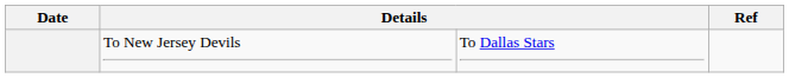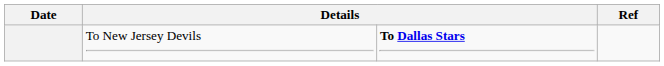 <table class="wikitable plainrowheaders" style="width: 50em;">
 <tr>
 <th scope="col">Date</th>
 <th scope="col" colspan="2">Details</th>
 <th scope="col">Ref</th>
 </tr>
 <tr>
 <th scope="row"></th>
 <td valign="top">To New Jersey Devils <hr></td>
-<td valign="top">To <a href='#'>Dallas Stars</a><hr></td>
+<td valign="top"><strong>To <a href='#'>Dallas Stars</a><hr></strong></td>
 <td></td>
 </tr>
 </table>
